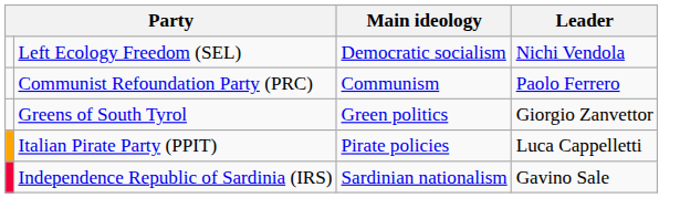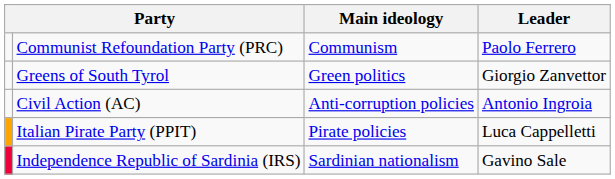 <table class="wikitable" style="font-size:95%">
 <tr>
 <th colspan=2>Party</th>
 <th>Main ideology</th>
 <th>Leader</th>
-</tr>
-<tr>
-<td></td>
-<td><a href='#'>Left Ecology Freedom</a> (SEL)</td>
-<td><a href='#'>Democratic socialism</a></td>
-<td><a href='#'>Nichi Vendola</a></td>
 </tr>
 <tr>
 <td></td>
 <td><a href='#'>Communist Refoundation Party</a> (PRC)</td>
 <td><a href='#'>Communism</a></td>
 <td><a href='#'>Paolo Ferrero</a></td>
 </tr>
 <tr>
 <td></td>
 <td><a href='#'>Greens of South Tyrol</a></td>
 <td><a href='#'>Green politics</a></td>
 <td>Giorgio Zanvettor</td>
 </tr>
 <tr>
+<td></td>
+<td><a href='#'>Civil Action</a> (AC)</td>
+<td><a href='#'>Anti-corruption policies</a></td>
+<td><a href='#'>Antonio Ingroia</a></td>
+</tr>
+<tr>
 <td bgcolor="orange"></td>
 <td><a href='#'>Italian Pirate Party</a> (PPIT)</td>
 <td><a href='#'>Pirate policies</a></td>
 <td>Luca Cappelletti</td>
 </tr>
 <tr>
 <td bgcolor="#F0003B"></td>
 <td><a href='#'>Independence Republic of Sardinia</a> (IRS)</td>
 <td><a href='#'>Sardinian nationalism</a></td>
 <td>Gavino Sale</td>
 </tr>
 </table>
